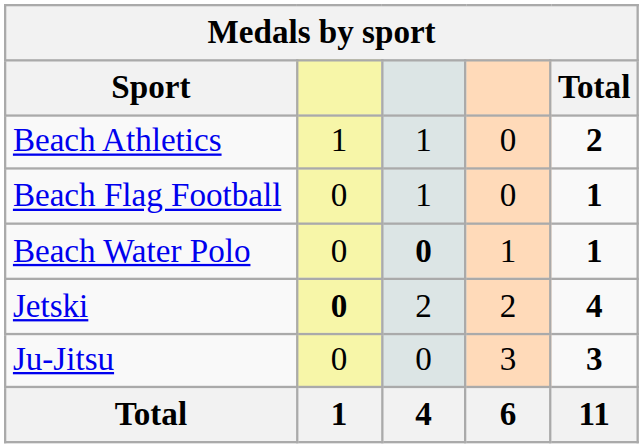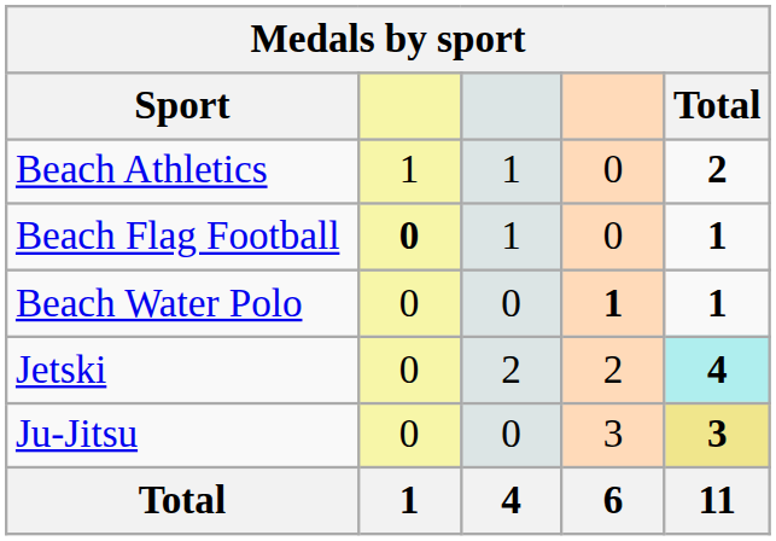 <table class="wikitable" style="font-size:90%; text-align:center;">
 <tr>
 <th colspan=5>Medals by sport</th>
 </tr>
 <tr>
 <th width=120>Sport</th>
 <th scope="col" width=30 style="background:#F7F6A8;"></th>
 <th scope="col" width=30 style="background:#DCE5E5;"></th>
 <th scope="col" width=30 style="background:#FFDAB9;"></th>
 <th width=30>Total</th>
 </tr>
 <tr>
 <td align=left> <a href='#'>Beach Athletics</a></td>
 <td style="background:#F7F6A8;">1</td>
 <td style="background:#DCE5E5;">1</td>
 <td style="background:#FFDAB9;">0</td>
 <td><strong>2</strong></td>
 </tr>
 <tr>
 <td align=left> <a href='#'>Beach Flag Football</a></td>
-<td style="background:#F7F6A8;">0</td>
+<td style="background:#F7F6A8;"><strong>0</strong></td>
 <td style="background:#DCE5E5;">1</td>
 <td style="background:#FFDAB9;">0</td>
 <td><strong>1</strong></td>
 </tr>
 <tr>
 <td align=left> <a href='#'>Beach Water Polo</a></td>
 <td style="background:#F7F6A8;">0</td>
-<td style="background:#DCE5E5;"><strong>0</strong></td>
-<td style="background:#FFDAB9;">1</td>
+<td style="background:#DCE5E5;">0</td>
+<td style="background:#FFDAB9;"><strong>1</strong></td>
 <td><strong>1</strong></td>
 </tr>
 <tr>
 <td align=left> <a href='#'>Jetski</a></td>
-<td style="background:#F7F6A8;"><strong>0</strong></td>
+<td style="background:#F7F6A8;">0</td>
 <td style="background:#DCE5E5;">2</td>
 <td style="background:#FFDAB9;">2</td>
-<td><strong>4</strong></td>
+<td style="background: paleturquoise;"><strong>4</strong></td>
 </tr>
 <tr>
 <td align=left> <a href='#'>Ju-Jitsu</a></td>
 <td style="background:#F7F6A8;">0</td>
 <td style="background:#DCE5E5;">0</td>
 <td style="background:#FFDAB9;">3</td>
-<td><strong>3</strong></td>
+<td style="background: khaki;"><strong>3</strong></td>
 </tr>
 <tr class="sortbottom">
 <th>Total</th>
 <th>1</th>
 <th>4</th>
 <th>6</th>
 <th>11</th>
 </tr>
 </table>
